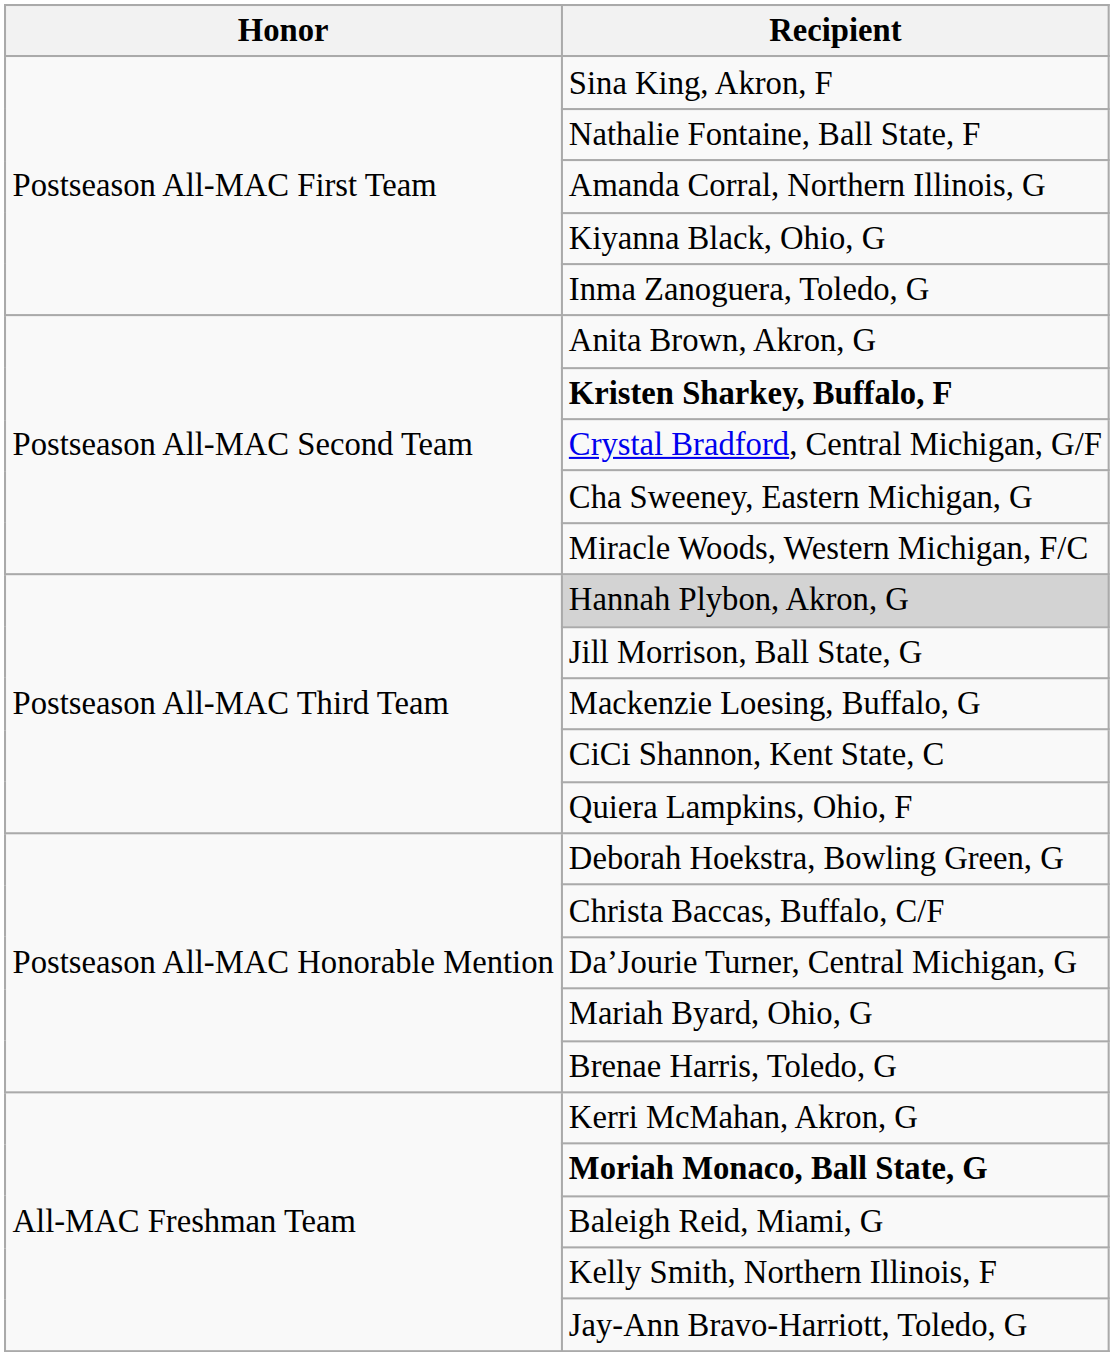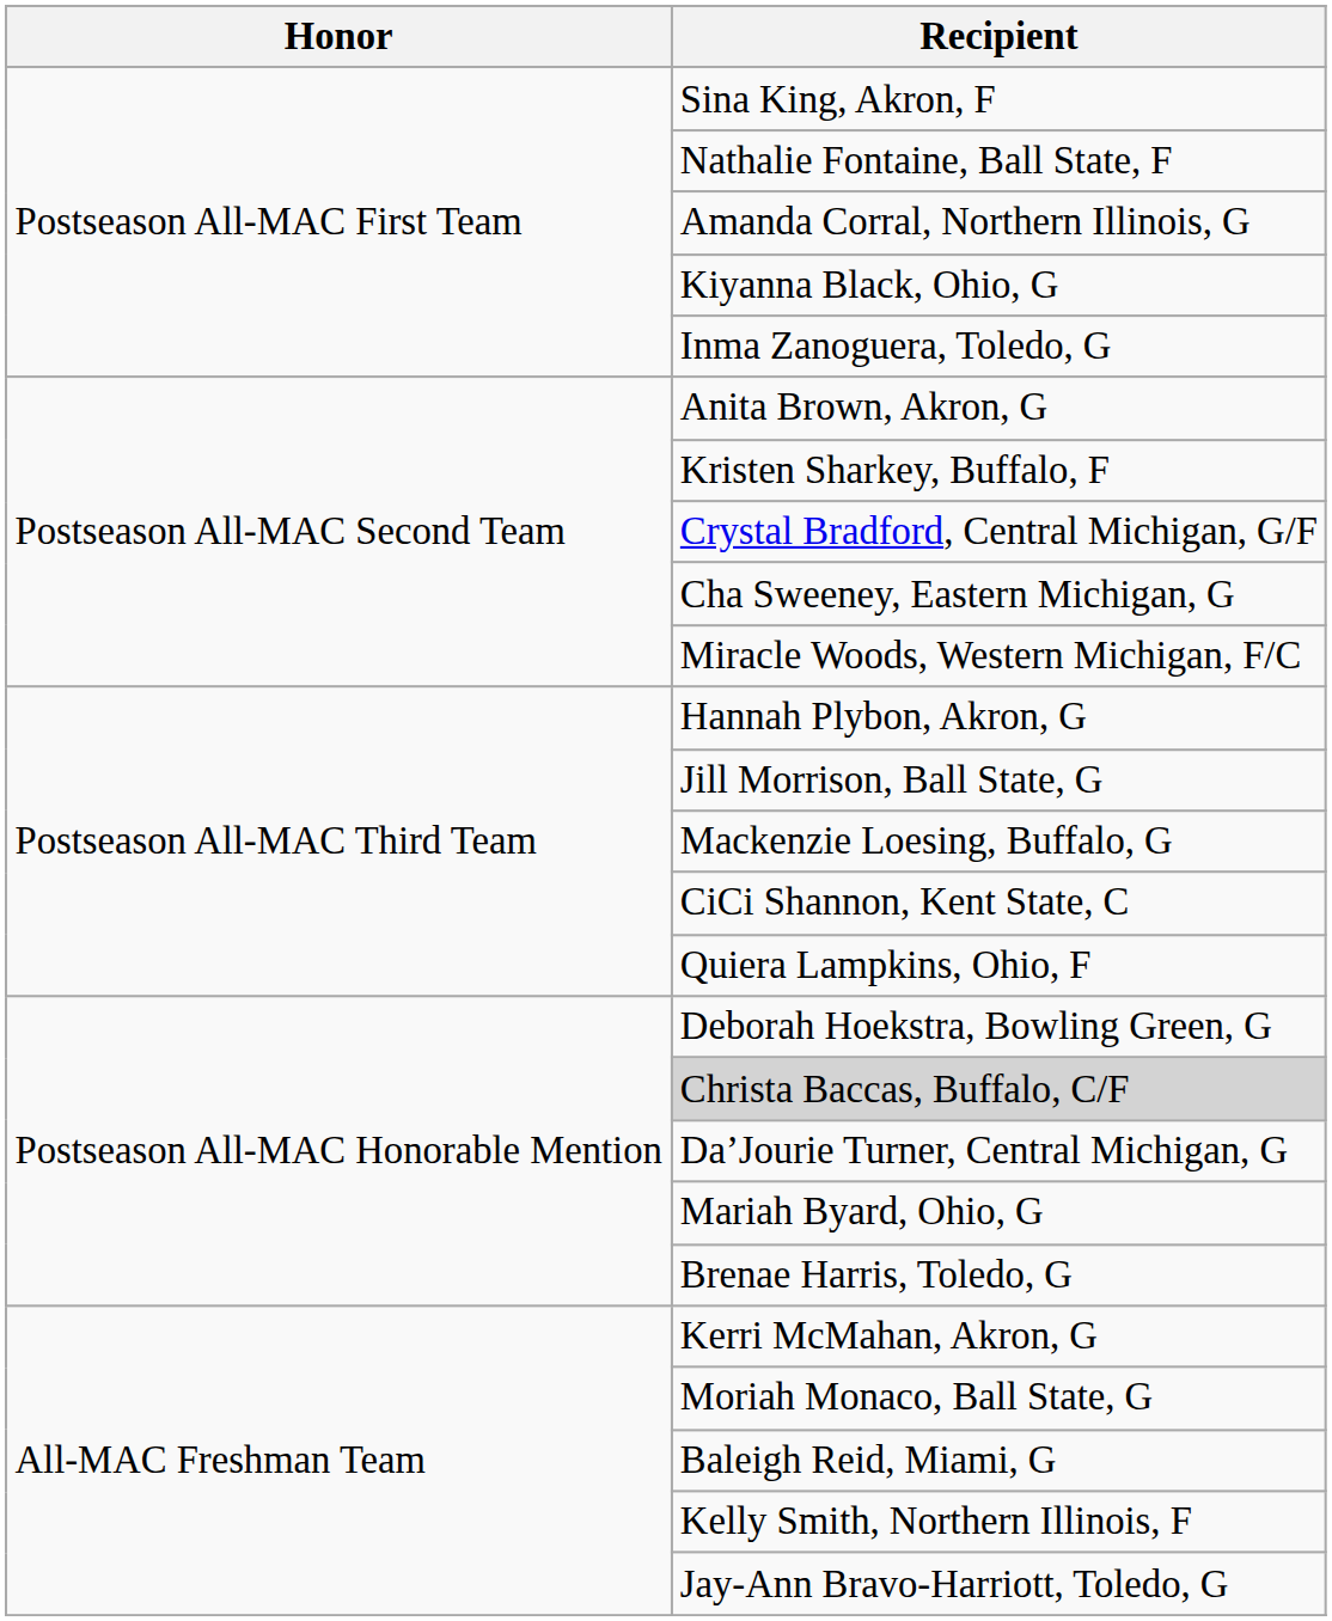 <table class="wikitable" border="1">
 <tr>
 <th>Honor</th>
 <th>Recipient</th>
 </tr>
 <tr>
 <td rowspan=5 valign=middle>Postseason All-MAC First Team</td>
 <td>Sina King, Akron, F</td>
 </tr>
 <tr>
 <td>Nathalie Fontaine, Ball State, F</td>
 </tr>
 <tr>
 <td>Amanda Corral, Northern Illinois, G</td>
 </tr>
 <tr>
 <td>Kiyanna Black, Ohio, G</td>
 </tr>
 <tr>
 <td>Inma Zanoguera, Toledo, G</td>
 </tr>
 <tr>
 <td rowspan=5 valign=middle>Postseason All-MAC Second Team</td>
 <td>Anita Brown, Akron, G</td>
 </tr>
 <tr>
-<td><strong>Kristen Sharkey, Buffalo, F</strong></td>
+<td>Kristen Sharkey, Buffalo, F</td>
 </tr>
 <tr>
 <td><a href='#'>Crystal Bradford</a>, Central Michigan, G/F</td>
 </tr>
 <tr>
 <td>Cha Sweeney, Eastern Michigan, G</td>
 </tr>
 <tr>
 <td>Miracle Woods, Western Michigan, F/C</td>
 </tr>
 <tr>
 <td rowspan=5 valign=middle>Postseason All-MAC Third Team</td>
-<td style="background: lightgrey;">Hannah Plybon, Akron, G</td>
+<td>Hannah Plybon, Akron, G</td>
 </tr>
 <tr>
 <td>Jill Morrison, Ball State, G</td>
 </tr>
 <tr>
 <td>Mackenzie Loesing, Buffalo, G</td>
 </tr>
 <tr>
 <td>CiCi Shannon, Kent State, C</td>
 </tr>
 <tr>
 <td>Quiera Lampkins, Ohio, F</td>
 </tr>
 <tr>
 <td rowspan=5 valign=middle>Postseason All-MAC Honorable Mention</td>
 <td>Deborah Hoekstra, Bowling Green, G</td>
 </tr>
 <tr>
-<td>Christa Baccas, Buffalo, C/F</td>
+<td style="background: lightgrey;">Christa Baccas, Buffalo, C/F</td>
 </tr>
 <tr>
 <td>Da’Jourie Turner, Central Michigan, G</td>
 </tr>
 <tr>
 <td>Mariah Byard, Ohio, G</td>
 </tr>
 <tr>
 <td>Brenae Harris, Toledo, G</td>
 </tr>
 <tr>
 <td rowspan=5 valign=middle>All-MAC Freshman Team</td>
 <td>Kerri McMahan, Akron, G</td>
 </tr>
 <tr>
-<td><strong>Moriah Monaco, Ball State, G</strong></td>
+<td>Moriah Monaco, Ball State, G</td>
 </tr>
 <tr>
 <td>Baleigh Reid, Miami, G</td>
 </tr>
 <tr>
 <td>Kelly Smith, Northern Illinois, F</td>
 </tr>
 <tr>
 <td>Jay-Ann Bravo-Harriott, Toledo, G</td>
 </tr>
 <tr>
 </tr>
 </table>
